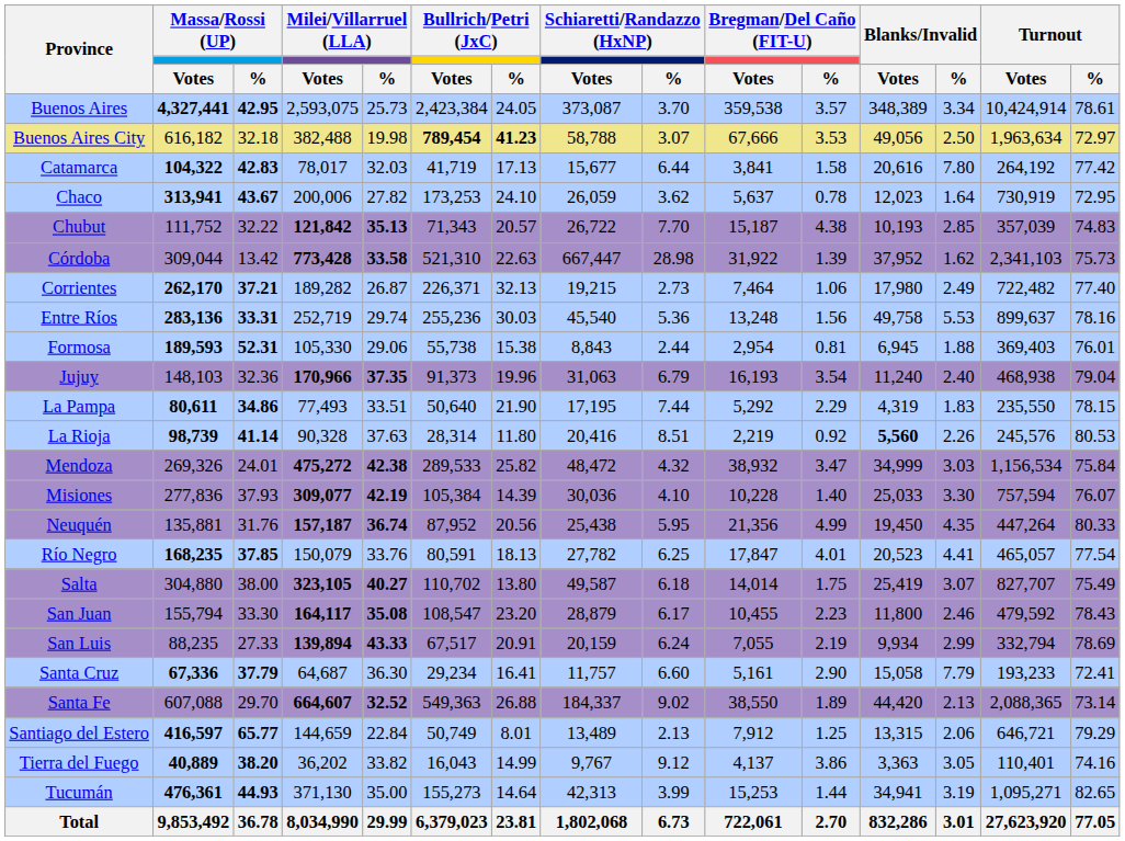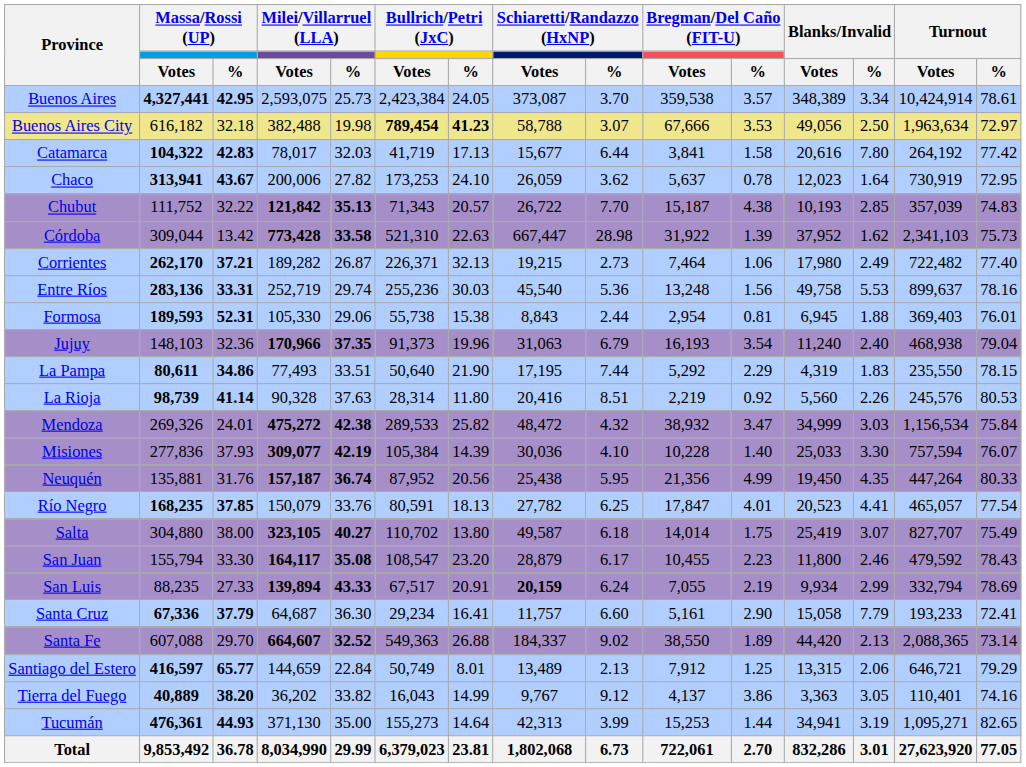 <table class="wikitable sortable" style="text-align: center; font-size: 95%;">
 <tr>
 <th rowspan=3>Province</th>
 <th colspan=2><a href='#'>Massa</a>/<a href='#'>Rossi</a><br>(<a href='#'>UP</a>)</th>
 <th colspan=2><a href='#'>Milei</a>/<a href='#'>Villarruel</a><br>(<a href='#'>LLA</a>)</th>
 <th colspan=2><a href='#'>Bullrich</a>/<a href='#'>Petri</a><br>(<a href='#'>JxC</a>)</th>
 <th colspan=2><a href='#'>Schiaretti</a>/<a href='#'>Randazzo</a><br>(<a href='#'>HxNP</a>)</th>
 <th colspan=2><a href='#'>Bregman</a>/<a href='#'>Del Caño</a><br>(<a href='#'>FIT-U</a>)</th>
 <th colspan=2 rowspan=2>Blanks/Invalid</th>
 <th colspan=2 rowspan=2>Turnout</th>
 </tr>
 <tr>
 <th colspan=2 style="background:#009FE3"></th>
 <th colspan=2 style="background:#6C4C99"></th>
 <th colspan=2 style="background:#FFD700"></th>
 <th colspan=2 style="background:#001a70"></th>
 <th colspan=2 style="background:#F65058"></th>
 </tr>
 <tr>
 <th>Votes</th>
 <th>%</th>
 <th>Votes</th>
 <th>%</th>
 <th>Votes</th>
 <th>%</th>
 <th>Votes</th>
 <th>%</th>
 <th>Votes</th>
 <th>%</th>
 <th>Votes</th>
 <th>%</th>
 <th>Votes</th>
 <th>%</th>
 </tr>
 <tr bgcolor="#B0CEFF">
 <td><a href='#'>Buenos Aires</a></td>
 <td><strong>4,327,441</strong></td>
 <td><strong>42.95</strong></td>
 <td>2,593,075</td>
 <td>25.73</td>
 <td>2,423,384</td>
 <td>24.05</td>
 <td>373,087</td>
 <td>3.70</td>
 <td>359,538</td>
 <td>3.57</td>
 <td>348,389</td>
 <td>3.34</td>
 <td>10,424,914</td>
 <td>78.61</td>
 </tr>
 <tr bgcolor="khaki">
 <td><a href='#'>Buenos Aires City</a></td>
 <td>616,182</td>
 <td>32.18</td>
 <td>382,488</td>
 <td>19.98</td>
 <td><strong>789,454</strong></td>
 <td><strong>41.23</strong></td>
 <td>58,788</td>
 <td>3.07</td>
 <td>67,666</td>
 <td>3.53</td>
 <td>49,056</td>
 <td>2.50</td>
 <td>1,963,634</td>
 <td>72.97</td>
 </tr>
 <tr bgcolor="#B0CEFF">
 <td><a href='#'>Catamarca</a></td>
 <td><strong>104,322</strong></td>
 <td><strong>42.83</strong></td>
 <td>78,017</td>
 <td>32.03</td>
 <td>41,719</td>
 <td>17.13</td>
 <td>15,677</td>
 <td>6.44</td>
 <td>3,841</td>
 <td>1.58</td>
 <td>20,616</td>
 <td>7.80</td>
 <td>264,192</td>
 <td>77.42</td>
 </tr>
 <tr bgcolor="#B0CEFF">
 <td><a href='#'>Chaco</a></td>
 <td><strong>313,941</strong></td>
 <td><strong>43.67</strong></td>
 <td>200,006</td>
 <td>27.82</td>
 <td>173,253</td>
 <td>24.10</td>
 <td>26,059</td>
 <td>3.62</td>
 <td>5,637</td>
 <td>0.78</td>
 <td>12,023</td>
 <td>1.64</td>
 <td>730,919</td>
 <td>72.95</td>
 </tr>
 <tr bgcolor="#A68FC8">
 <td><a href='#'>Chubut</a></td>
 <td>111,752</td>
 <td>32.22</td>
 <td><strong>121,842</strong></td>
 <td><strong>35.13</strong></td>
 <td>71,343</td>
 <td>20.57</td>
 <td>26,722</td>
 <td>7.70</td>
 <td>15,187</td>
 <td>4.38</td>
 <td>10,193</td>
 <td>2.85</td>
 <td>357,039</td>
 <td>74.83</td>
 </tr>
 <tr bgcolor="#A68FC8">
 <td><a href='#'>Córdoba</a></td>
 <td>309,044</td>
 <td>13.42</td>
 <td><strong>773,428</strong></td>
 <td><strong>33.58</strong></td>
 <td>521,310</td>
 <td>22.63</td>
 <td>667,447</td>
 <td>28.98</td>
 <td>31,922</td>
 <td>1.39</td>
 <td>37,952</td>
 <td>1.62</td>
 <td>2,341,103</td>
 <td>75.73</td>
 </tr>
 <tr bgcolor="#B0CEFF">
 <td><a href='#'>Corrientes</a></td>
 <td><strong>262,170</strong></td>
 <td><strong>37.21</strong></td>
 <td>189,282</td>
 <td>26.87</td>
 <td>226,371</td>
 <td>32.13</td>
 <td>19,215</td>
 <td>2.73</td>
 <td>7,464</td>
 <td>1.06</td>
 <td>17,980</td>
 <td>2.49</td>
 <td>722,482</td>
 <td>77.40</td>
 </tr>
 <tr bgcolor="#B0CEFF">
 <td><a href='#'>Entre Ríos</a></td>
 <td><strong>283,136</strong></td>
 <td><strong>33.31</strong></td>
 <td>252,719</td>
 <td>29.74</td>
 <td>255,236</td>
 <td>30.03</td>
 <td>45,540</td>
 <td>5.36</td>
 <td>13,248</td>
 <td>1.56</td>
 <td>49,758</td>
 <td>5.53</td>
 <td>899,637</td>
 <td>78.16</td>
 </tr>
 <tr bgcolor="#B0CEFF">
 <td><a href='#'>Formosa</a></td>
 <td><strong>189,593</strong></td>
 <td><strong>52.31</strong></td>
 <td>105,330</td>
 <td>29.06</td>
 <td>55,738</td>
 <td>15.38</td>
 <td>8,843</td>
 <td>2.44</td>
 <td>2,954</td>
 <td>0.81</td>
 <td>6,945</td>
 <td>1.88</td>
 <td>369,403</td>
 <td>76.01</td>
 </tr>
 <tr bgcolor="#A68FC8">
 <td><a href='#'>Jujuy</a></td>
 <td>148,103</td>
 <td>32.36</td>
 <td><strong>170,966</strong></td>
 <td><strong>37.35</strong></td>
 <td>91,373</td>
 <td>19.96</td>
 <td>31,063</td>
 <td>6.79</td>
 <td>16,193</td>
 <td>3.54</td>
 <td>11,240</td>
 <td>2.40</td>
 <td>468,938</td>
 <td>79.04</td>
 </tr>
 <tr bgcolor="#B0CEFF">
 <td><a href='#'>La Pampa</a></td>
 <td><strong>80,611</strong></td>
 <td><strong>34.86</strong></td>
 <td>77,493</td>
 <td>33.51</td>
 <td>50,640</td>
 <td>21.90</td>
 <td>17,195</td>
 <td>7.44</td>
 <td>5,292</td>
 <td>2.29</td>
 <td>4,319</td>
 <td>1.83</td>
 <td>235,550</td>
 <td>78.15</td>
 </tr>
 <tr bgcolor="#B0CEFF">
 <td><a href='#'>La Rioja</a></td>
 <td><strong>98,739</strong></td>
 <td><strong>41.14</strong></td>
 <td>90,328</td>
 <td>37.63</td>
 <td>28,314</td>
 <td>11.80</td>
 <td>20,416</td>
 <td>8.51</td>
 <td>2,219</td>
 <td>0.92</td>
-<td><strong>5,560</strong></td>
+<td>5,560</td>
 <td>2.26</td>
 <td>245,576</td>
 <td>80.53</td>
 </tr>
 <tr bgcolor="#A68FC8">
 <td><a href='#'>Mendoza</a></td>
 <td>269,326</td>
 <td>24.01</td>
 <td><strong>475,272</strong></td>
 <td><strong>42.38</strong></td>
 <td>289,533</td>
 <td>25.82</td>
 <td>48,472</td>
 <td>4.32</td>
 <td>38,932</td>
 <td>3.47</td>
 <td>34,999</td>
 <td>3.03</td>
 <td>1,156,534</td>
 <td>75.84</td>
 </tr>
 <tr bgcolor="#A68FC8">
 <td><a href='#'>Misiones</a></td>
 <td>277,836</td>
 <td>37.93</td>
 <td><strong>309,077</strong></td>
 <td><strong>42.19</strong></td>
 <td>105,384</td>
 <td>14.39</td>
 <td>30,036</td>
 <td>4.10</td>
 <td>10,228</td>
 <td>1.40</td>
 <td>25,033</td>
 <td>3.30</td>
 <td>757,594</td>
 <td>76.07</td>
 </tr>
 <tr bgcolor="#A68FC8">
 <td><a href='#'>Neuquén</a></td>
 <td>135,881</td>
 <td>31.76</td>
 <td><strong>157,187</strong></td>
 <td><strong>36.74</strong></td>
 <td>87,952</td>
 <td>20.56</td>
 <td>25,438</td>
 <td>5.95</td>
 <td>21,356</td>
 <td>4.99</td>
 <td>19,450</td>
 <td>4.35</td>
 <td>447,264</td>
 <td>80.33</td>
 </tr>
 <tr bgcolor="#B0CEFF">
 <td><a href='#'>Río Negro</a></td>
 <td><strong>168,235</strong></td>
 <td><strong>37.85</strong></td>
 <td>150,079</td>
 <td>33.76</td>
 <td>80,591</td>
 <td>18.13</td>
 <td>27,782</td>
 <td>6.25</td>
 <td>17,847</td>
 <td>4.01</td>
 <td>20,523</td>
 <td>4.41</td>
 <td>465,057</td>
 <td>77.54</td>
 </tr>
 <tr bgcolor="#A68FC8">
 <td><a href='#'>Salta</a></td>
 <td>304,880</td>
 <td>38.00</td>
 <td><strong>323,105</strong></td>
 <td><strong>40.27</strong></td>
 <td>110,702</td>
 <td>13.80</td>
 <td>49,587</td>
 <td>6.18</td>
 <td>14,014</td>
 <td>1.75</td>
 <td>25,419</td>
 <td>3.07</td>
 <td>827,707</td>
 <td>75.49</td>
 </tr>
 <tr bgcolor="#A68FC8">
 <td><a href='#'>San Juan</a></td>
 <td>155,794</td>
 <td>33.30</td>
 <td><strong>164,117</strong></td>
 <td><strong>35.08</strong></td>
 <td>108,547</td>
 <td>23.20</td>
 <td>28,879</td>
 <td>6.17</td>
 <td>10,455</td>
 <td>2.23</td>
 <td>11,800</td>
 <td>2.46</td>
 <td>479,592</td>
 <td>78.43</td>
 </tr>
 <tr bgcolor="#A68FC8">
 <td><a href='#'>San Luis</a></td>
 <td>88,235</td>
 <td>27.33</td>
 <td><strong>139,894</strong></td>
 <td><strong>43.33</strong></td>
 <td>67,517</td>
 <td>20.91</td>
-<td>20,159</td>
+<td><strong>20,159</strong></td>
 <td>6.24</td>
 <td>7,055</td>
 <td>2.19</td>
 <td>9,934</td>
 <td>2.99</td>
 <td>332,794</td>
 <td>78.69</td>
 </tr>
 <tr bgcolor="#B0CEFF">
 <td><a href='#'>Santa Cruz</a></td>
 <td><strong>67,336</strong></td>
 <td><strong>37.79</strong></td>
 <td>64,687</td>
 <td>36.30</td>
 <td>29,234</td>
 <td>16.41</td>
 <td>11,757</td>
 <td>6.60</td>
 <td>5,161</td>
 <td>2.90</td>
 <td>15,058</td>
 <td>7.79</td>
 <td>193,233</td>
 <td>72.41</td>
 </tr>
 <tr bgcolor="#A68FC8">
 <td><a href='#'>Santa Fe</a></td>
 <td>607,088</td>
 <td>29.70</td>
 <td><strong>664,607</strong></td>
 <td><strong>32.52</strong></td>
 <td>549,363</td>
 <td>26.88</td>
 <td>184,337</td>
 <td>9.02</td>
 <td>38,550</td>
 <td>1.89</td>
 <td>44,420</td>
 <td>2.13</td>
 <td>2,088,365</td>
 <td>73.14</td>
 </tr>
 <tr bgcolor="#B0CEFF">
 <td><a href='#'>Santiago del Estero</a></td>
 <td><strong>416,597</strong></td>
 <td><strong>65.77</strong></td>
 <td>144,659</td>
 <td>22.84</td>
 <td>50,749</td>
 <td>8.01</td>
 <td>13,489</td>
 <td>2.13</td>
 <td>7,912</td>
 <td>1.25</td>
 <td>13,315</td>
 <td>2.06</td>
 <td>646,721</td>
 <td>79.29</td>
 </tr>
 <tr bgcolor="#B0CEFF">
 <td><a href='#'>Tierra del Fuego</a></td>
 <td><strong>40,889</strong></td>
 <td><strong>38.20</strong></td>
 <td>36,202</td>
 <td>33.82</td>
 <td>16,043</td>
 <td>14.99</td>
 <td>9,767</td>
 <td>9.12</td>
 <td>4,137</td>
 <td>3.86</td>
 <td>3,363</td>
 <td>3.05</td>
 <td>110,401</td>
 <td>74.16</td>
 </tr>
 <tr bgcolor="#B0CEFF">
 <td><a href='#'>Tucumán</a></td>
 <td><strong>476,361</strong></td>
 <td><strong>44.93</strong></td>
 <td>371,130</td>
 <td>35.00</td>
 <td>155,273</td>
 <td>14.64</td>
 <td>42,313</td>
 <td>3.99</td>
 <td>15,253</td>
 <td>1.44</td>
 <td>34,941</td>
 <td>3.19</td>
 <td>1,095,271</td>
 <td>82.65</td>
 </tr>
 <tr class="sortbottom">
 <th>Total</th>
 <th>9,853,492</th>
 <th>36.78</th>
 <th>8,034,990</th>
 <th>29.99</th>
 <th>6,379,023</th>
 <th>23.81</th>
 <th>1,802,068</th>
 <th>6.73</th>
 <th>722,061</th>
 <th>2.70</th>
 <th>832,286</th>
 <th>3.01</th>
 <th>27,623,920</th>
 <th>77.05</th>
 </tr>
 </table>
